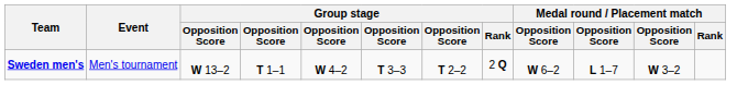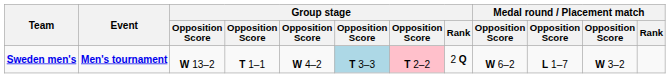 <table class="wikitable" style="font-size:90%">
 <tr>
 <th rowspan=2>Team</th>
 <th rowspan=2>Event</th>
 <th colspan=6>Group stage</th>
 <th colspan=4>Medal round / Placement match</th>
 </tr>
 <tr style="font-size:95%">
 <th>Opposition<br>Score</th>
 <th>Opposition<br>Score</th>
 <th>Opposition<br>Score</th>
 <th>Opposition<br>Score</th>
 <th>Opposition<br>Score</th>
 <th>Rank</th>
 <th>Opposition<br>Score</th>
 <th>Opposition<br>Score</th>
 <th>Opposition<br>Score</th>
 <th>Rank</th>
 </tr>
 <tr align=center>
 <td align=left><strong><a href='#'>Sweden men's</a></strong></td>
-<td align=left><a href='#'>Men's tournament</a></td>
+<td align=left><strong><a href='#'>Men's tournament</a></strong></td>
 <td><br><strong>W</strong> 13–2</td>
 <td><br><strong>T</strong> 1–1</td>
 <td><br><strong>W</strong> 4–2</td>
-<td><br><strong>T</strong> 3–3</td>
-<td><br><strong>T</strong> 2–2</td>
+<td style="background: lightblue;"><br><strong>T</strong> 3–3</td>
+<td style="background: pink;"><br><strong>T</strong> 2–2</td>
 <td>2 <strong>Q</strong></td>
 <td><br><strong>W</strong> 6–2</td>
 <td><br><strong>L</strong> 1–7</td>
 <td><br><strong>W</strong> 3–2</td>
 <td></td>
 </tr>
 </table>
